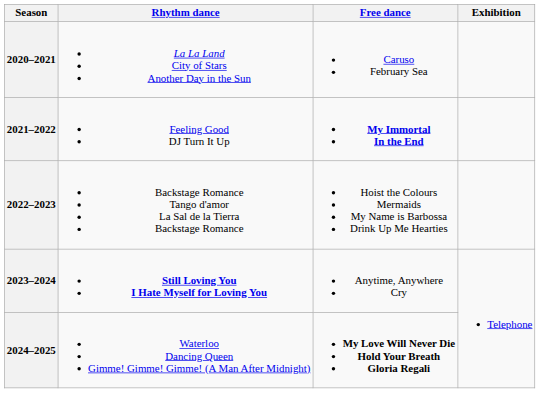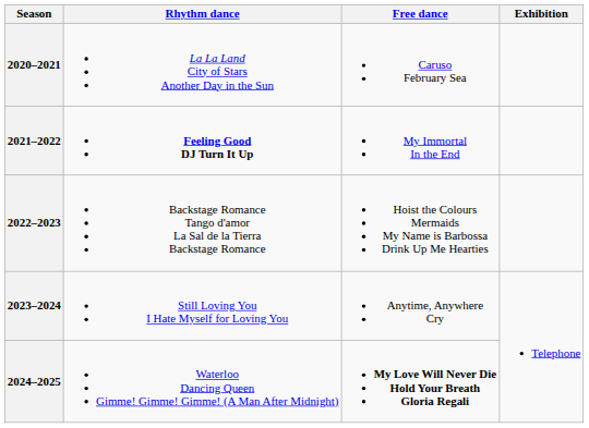 <table class=wikitable style=text-align:center>
 <tr>
 <th>Season</th>
 <th><a href='#'>Rhythm dance</a></th>
 <th><a href='#'>Free dance</a></th>
 <th>Exhibition</th>
 </tr>
 <tr>
 <th>2020–2021 <br> </th>
 <td><br><ul><li><em><a href='#'>La La Land</a></em> <br> </li><li><a href='#'>City of Stars</a> <br> </li><li><a href='#'>Another Day in the Sun</a> <br> </li></ul></td>
 <td><br><ul><li><a href='#'>Caruso</a> <br> </li><li>February Sea <br> </li></ul></td>
 <td></td>
 </tr>
 <tr>
 <th>2021–2022 <br> </th>
-<td><br><ul><li> <a href='#'>Feeling Good</a> <br> </li><li>DJ Turn It Up <br> </li></ul></td>
-<td><strong><br><ul><li><a href='#'>My Immortal</a> <br> </li><li><a href='#'>In the End</a> <br> </li></ul></strong></td>
+<td><strong><br><ul><li> <a href='#'>Feeling Good</a> <br> </li><li>DJ Turn It Up <br> </li></ul></strong></td>
+<td><br><ul><li><a href='#'>My Immortal</a> <br> </li><li><a href='#'>In the End</a> <br> </li></ul></td>
 <td></td>
 </tr>
 <tr>
 <th>2022–2023 <br> </th>
 <td><br><ul><li> Backstage Romance</li><li> Tango d'amor <br> </li><li> La Sal de la Tierra <br> </li><li> Backstage Romance <br> </li></ul></td>
 <td><br><ul><li>Hoist the Colours <br> </li><li>Mermaids <br> </li><li>My Name is Barbossa <br> </li><li>Drink Up Me Hearties <br> </li></ul></td>
 <td></td>
 </tr>
 <tr>
 <th>2023–2024 <br> </th>
-<td><strong><br><ul><li><a href='#'>Still Loving You</a> <br> </li><li><a href='#'>I Hate Myself for Loving You</a> <br> </li></ul></strong></td>
+<td><br><ul><li><a href='#'>Still Loving You</a> <br> </li><li><a href='#'>I Hate Myself for Loving You</a> <br> </li></ul></td>
 <td><br><ul><li>Anytime, Anywhere <br> </li><li>Cry <br> </li></ul></td>
 <td rowspan=2><br><ul><li><a href='#'>Telephone</a> <br> </li></ul></td>
 </tr>
 <tr>
 <th>2024–2025 <br> </th>
 <td><br><ul><li><a href='#'>Waterloo</a></li><li><a href='#'>Dancing Queen</a></li><li><a href='#'>Gimme! Gimme! Gimme! (A Man After Midnight)</a> <br> </li></ul></td>
 <td><strong><br><ul><li>My Love Will Never Die <br> </li><li>Hold Your Breath <br> </li><li>Gloria Regali <br> </li></ul></strong></td>
 </tr>
 </table>
